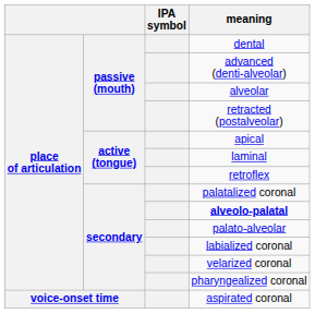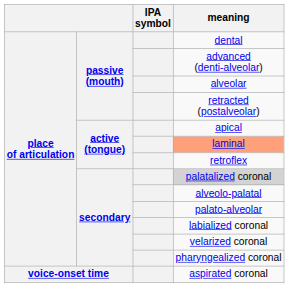 <table class="wikitable" style="text-align: center;">
 <tr>
 <th colspan="2"></th>
 <th>IPA<br>symbol</th>
 <th>meaning</th>
 </tr>
 <tr>
 <th rowspan="13"><a href='#'>place<br>of articulation</a></th>
 <th rowspan="4"><a href='#'>passive<br>(mouth)</a></th>
 <th></th>
 <td><a href='#'>dental</a></td>
 </tr>
 <tr>
 <th></th>
 <td><a href='#'>advanced</a><br>(<a href='#'>denti-alveolar</a>)</td>
 </tr>
 <tr>
 <th></th>
 <td><a href='#'>alveolar</a></td>
 </tr>
 <tr>
 <th></th>
 <td><a href='#'>retracted</a><br>(<a href='#'>postalveolar</a>)</td>
 </tr>
 <tr>
 <th rowspan="3"><a href='#'>active<br>(tongue)</a></th>
 <th></th>
 <td><a href='#'>apical</a></td>
 </tr>
 <tr>
 <th></th>
-<td><a href='#'>laminal</a></td>
+<td style="background: lightsalmon;"><a href='#'>laminal</a></td>
 </tr>
 <tr>
 <th></th>
 <td><a href='#'>retroflex</a></td>
 </tr>
 <tr>
 <th rowspan="6"><a href='#'>secondary</a></th>
 <th></th>
-<td><a href='#'>palatalized</a> coronal</td>
+<td style="background: lightgrey;"><a href='#'>palatalized</a> coronal</td>
 </tr>
 <tr>
 <th></th>
-<td><strong><a href='#'>alveolo-palatal</a></strong></td>
+<td><a href='#'>alveolo-palatal</a></td>
 </tr>
 <tr>
 <th></th>
 <td><a href='#'>palato-alveolar</a></td>
 </tr>
 <tr>
 <th></th>
 <td><a href='#'>labialized</a> coronal</td>
 </tr>
 <tr>
 <th></th>
 <td><a href='#'>velarized</a> coronal</td>
 </tr>
 <tr>
 <th></th>
 <td><a href='#'>pharyngealized</a> coronal</td>
 </tr>
 <tr>
 <th colspan="2"><a href='#'>voice-onset time</a></th>
 <th></th>
 <td><a href='#'>aspirated</a> coronal<br></td>
 </tr>
 </table>
